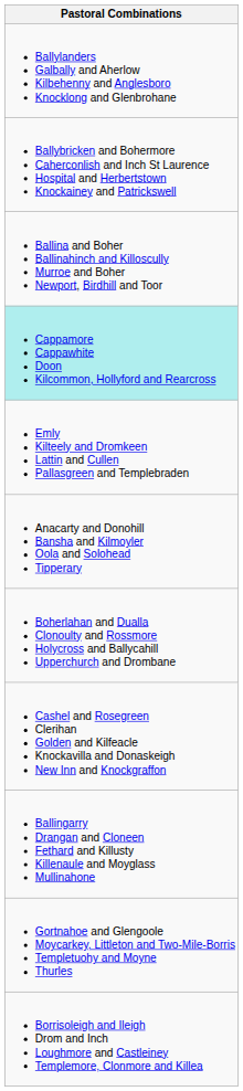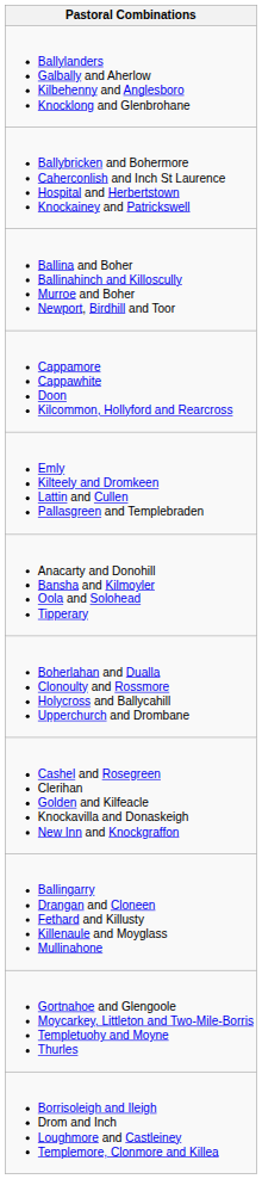 <table class="wikitable" style="line-height:120%;">
 <tr>
 <th>Pastoral Combinations</th>
 </tr>
 <tr>
 <td><br><ul><li><a href='#'>Ballylanders</a></li><li><a href='#'>Galbally</a> and Aherlow</li><li><a href='#'>Kilbehenny</a> and <a href='#'>Anglesboro</a></li><li><a href='#'>Knocklong</a> and Glenbrohane</li></ul></td>
 </tr>
 <tr>
 <td><br><ul><li><a href='#'>Ballybricken</a> and Bohermore</li><li><a href='#'>Caherconlish</a> and Inch St Laurence</li><li><a href='#'>Hospital</a> and <a href='#'>Herbertstown</a></li><li><a href='#'>Knockainey</a> and <a href='#'>Patrickswell</a></li></ul></td>
 </tr>
 <tr>
 <td><br><ul><li><a href='#'>Ballina</a> and Boher</li><li><a href='#'>Ballinahinch and Killoscully</a></li><li><a href='#'>Murroe</a> and Boher</li><li><a href='#'>Newport</a>, <a href='#'>Birdhill</a> and Toor</li></ul></td>
 </tr>
 <tr>
-<td style="background: paleturquoise;"><br><ul><li><a href='#'>Cappamore</a></li><li><a href='#'>Cappawhite</a></li><li><a href='#'>Doon</a></li><li><a href='#'>Kilcommon, Hollyford and Rearcross</a></li></ul></td>
+<td><br><ul><li><a href='#'>Cappamore</a></li><li><a href='#'>Cappawhite</a></li><li><a href='#'>Doon</a></li><li><a href='#'>Kilcommon, Hollyford and Rearcross</a></li></ul></td>
 </tr>
 <tr>
 <td><br><ul><li><a href='#'>Emly</a></li><li><a href='#'>Kilteely and Dromkeen</a></li><li><a href='#'>Lattin</a> and <a href='#'>Cullen</a></li><li><a href='#'>Pallasgreen</a> and Templebraden</li></ul></td>
 </tr>
 <tr>
 <td><br><ul><li>Anacarty and Donohill</li><li><a href='#'>Bansha</a> and <a href='#'>Kilmoyler</a></li><li><a href='#'>Oola</a> and <a href='#'>Solohead</a></li><li><a href='#'>Tipperary</a></li></ul></td>
 </tr>
 <tr>
 <td><br><ul><li><a href='#'>Boherlahan</a> and <a href='#'>Dualla</a></li><li><a href='#'>Clonoulty</a> and <a href='#'>Rossmore</a></li><li><a href='#'>Holycross</a> and Ballycahill</li><li><a href='#'>Upperchurch</a> and Drombane</li></ul></td>
 </tr>
 <tr>
 <td><br><ul><li><a href='#'>Cashel</a> and <a href='#'>Rosegreen</a></li><li>Clerihan</li><li><a href='#'>Golden</a> and Kilfeacle</li><li>Knockavilla and Donaskeigh</li><li><a href='#'>New Inn</a> and <a href='#'>Knockgraffon</a></li></ul></td>
 </tr>
 <tr>
 <td><br><ul><li><a href='#'>Ballingarry</a></li><li><a href='#'>Drangan</a> and <a href='#'>Cloneen</a></li><li><a href='#'>Fethard</a> and Killusty</li><li><a href='#'>Killenaule</a> and Moyglass</li><li><a href='#'>Mullinahone</a></li></ul></td>
 </tr>
 <tr>
 <td><br><ul><li><a href='#'>Gortnahoe</a> and Glengoole</li><li><a href='#'>Moycarkey, Littleton and Two-Mile-Borris</a></li><li><a href='#'>Templetuohy and Moyne</a></li><li><a href='#'>Thurles</a></li></ul></td>
 </tr>
 <tr>
 <td><br><ul><li><a href='#'>Borrisoleigh and Ileigh</a></li><li>Drom and Inch</li><li><a href='#'>Loughmore</a> and <a href='#'>Castleiney</a></li><li><a href='#'>Templemore, Clonmore and Killea</a></li></ul></td>
 </tr>
 </table>
